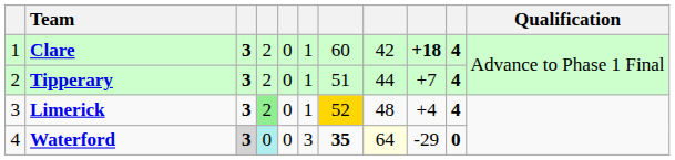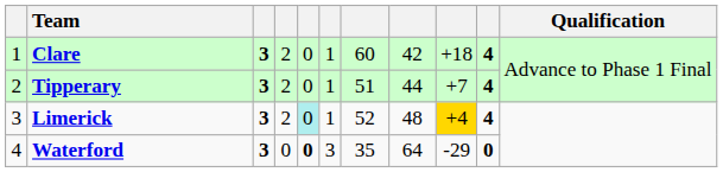 <table class="wikitable">
 <tr>
 <th width="10"></th>
 <th width="170" style="text-align:left;">Team</th>
 <th width="10"></th>
 <th width="10"></th>
 <th width="10"></th>
 <th width="10"></th>
 <th width="30"></th>
 <th width="30"></th>
 <th width="10"></th>
 <th width="10"></th>
 <th>Qualification</th>
 </tr>
 <tr style="background:#ccffcc">
 <td align="center">1</td>
 <td align="left"><strong> <a href='#'>Clare</a></strong></td>
 <td align="center"><strong>3</strong></td>
 <td align="center">2</td>
 <td align="center">0</td>
 <td align="center">1</td>
 <td align="center">60</td>
 <td align="center">42</td>
-<td align="center"><strong>+18</strong></td>
+<td align="center">+18</td>
 <td align="center"><strong>4</strong></td>
 <td rowspan="2">Advance to Phase 1 Final</td>
 </tr>
 <tr style="background:#ccffcc">
 <td align="center">2</td>
 <td align="left"><strong> <a href='#'>Tipperary</a></strong></td>
 <td align="center"><strong>3</strong></td>
 <td align="center">2</td>
 <td align="center">0</td>
 <td align="center">1</td>
 <td align="center">51</td>
 <td align="center">44</td>
 <td align="center">+7</td>
 <td align="center"><strong>4</strong></td>
 </tr>
 <tr>
 <td align="center">3</td>
 <td align="left"><strong> <a href='#'>Limerick</a></strong></td>
 <td align="center"><strong>3</strong></td>
-<td align="center" style="background: lightgreen;">2</td>
-<td align="center">0</td>
+<td align="center">2</td>
+<td align="center" style="background: paleturquoise;">0</td>
 <td align="center">1</td>
-<td align="center" style="background: gold;">52</td>
+<td align="center">52</td>
 <td align="center">48</td>
-<td align="center">+4</td>
+<td align="center" style="background: gold;">+4</td>
 <td align="center"><strong>4</strong></td>
 <td rowspan="2"></td>
 </tr>
 <tr>
 <td align="center">4</td>
 <td align="left"><strong> <a href='#'>Waterford</a></strong></td>
-<td align="center" style="background: lightgrey;"><strong>3</strong></td>
-<td align="center" style="background: paleturquoise;">0</td>
+<td align="center"><strong>3</strong></td>
 <td align="center">0</td>
+<td align="center"><strong>0</strong></td>
 <td align="center">3</td>
-<td align="center"><strong>35</strong></td>
-<td align="center" style="background: lightyellow;">64</td>
+<td align="center">35</td>
+<td align="center">64</td>
 <td align="center">-29</td>
 <td align="center"><strong>0</strong></td>
 </tr>
 </table>
